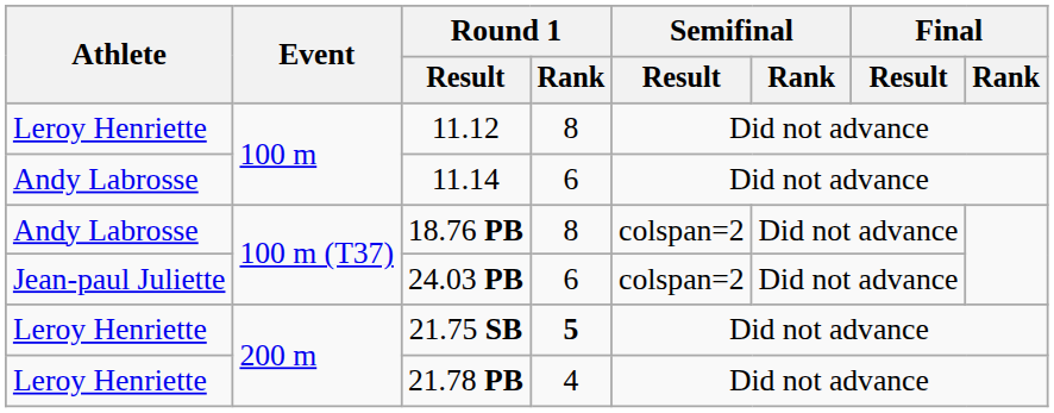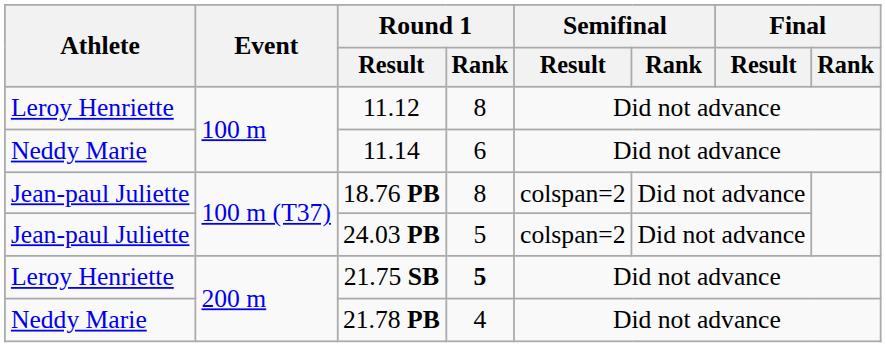 <table class=wikitable style="font-size:90%">
 <tr>
 <th rowspan="2">Athlete</th>
 <th rowspan="2">Event</th>
 <th colspan="2">Round 1</th>
 <th colspan="2">Semifinal</th>
 <th colspan="2">Final</th>
 </tr>
 <tr style="font-size:95%">
 <th>Result</th>
 <th>Rank</th>
 <th>Result</th>
 <th>Rank</th>
 <th>Result</th>
 <th>Rank</th>
 </tr>
 <tr align=center>
 <td align=left><a href='#'>Leroy Henriette</a></td>
 <td align=left rowspan="2"><a href='#'>100 m</a></td>
 <td>11.12</td>
 <td>8</td>
 <td colspan="4">Did not advance</td>
 </tr>
 <tr align=center>
-<td align=left><a href='#'>Andy Labrosse</a></td>
+<td align=left><a href='#'>Neddy Marie</a></td>
 <td>11.14</td>
 <td>6</td>
 <td colspan="4">Did not advance</td>
 </tr>
 <tr align=center>
-<td align=left><a href='#'>Andy Labrosse</a></td>
+<td align=left><a href='#'>Jean-paul Juliette</a></td>
 <td align=left rowspan=2><a href='#'>100 m (T37)</a></td>
 <td>18.76 <strong>PB</strong></td>
 <td>8</td>
 <td>colspan=2 </td>
 <td colspan="2">Did not advance</td>
 </tr>
 <tr align=center>
 <td align=left><a href='#'>Jean-paul Juliette</a></td>
 <td>24.03 <strong>PB</strong></td>
-<td>6</td>
+<td>5</td>
 <td>colspan=2 </td>
 <td colspan="2">Did not advance</td>
 </tr>
 <tr align=center>
 <td align=left><a href='#'>Leroy Henriette</a></td>
 <td align=left rowspan="2"><a href='#'>200 m</a></td>
 <td>21.75 <strong>SB</strong></td>
 <td><strong>5</strong></td>
 <td colspan="4">Did not advance</td>
 </tr>
 <tr align=center>
-<td align=left><a href='#'>Leroy Henriette</a></td>
+<td align=left><a href='#'>Neddy Marie</a></td>
 <td>21.78 <strong>PB</strong></td>
 <td>4</td>
 <td colspan="4">Did not advance</td>
 </tr>
 </table>
